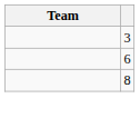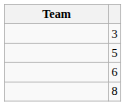 <table class="wikitable" style="white-space:nowrap; display:inline-table; float:left;">
 <tr>
 <th style="width:130px">Team</th>
 <th></th>
 </tr>
 <tr>
 <td></td>
 <td style="text-align:center">3</td>
 </tr>
 <tr>
 <td></td>
+<td style="text-align:center">5</td>
+</tr>
+<tr>
+<td></td>
 <td style="text-align:center">6</td>
 </tr>
 <tr>
 <td></td>
 <td style="text-align:center">8</td>
 </tr>
 </table>
